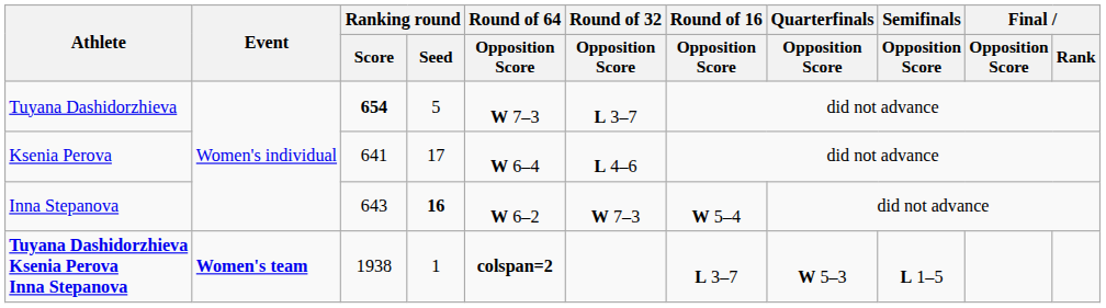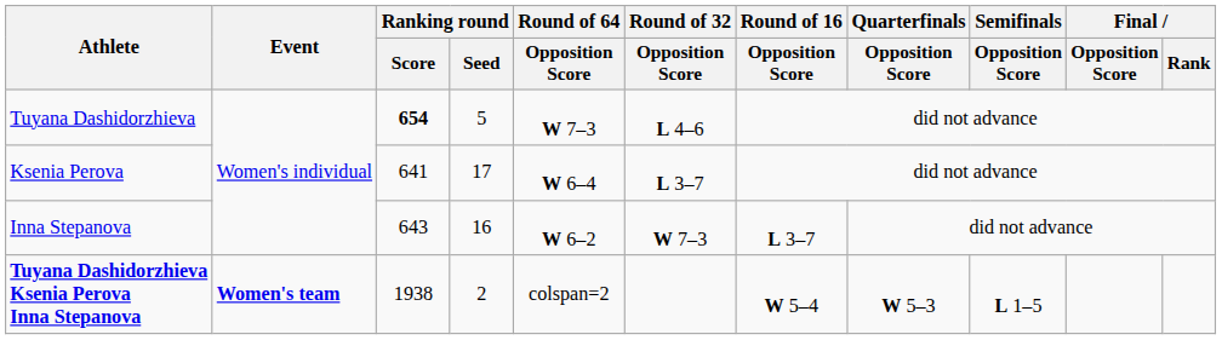 <table class="wikitable" style="font-size:90%">
 <tr>
 <th rowspan=2>Athlete</th>
 <th rowspan=2>Event</th>
 <th colspan="2">Ranking round</th>
 <th>Round of 64</th>
 <th>Round of 32</th>
 <th>Round of 16</th>
 <th>Quarterfinals</th>
 <th>Semifinals</th>
 <th colspan="2">Final / </th>
 </tr>
 <tr style="font-size:95%">
 <th>Score</th>
 <th>Seed</th>
 <th>Opposition<br>Score</th>
 <th>Opposition<br>Score</th>
 <th>Opposition<br>Score</th>
 <th>Opposition<br>Score</th>
 <th>Opposition<br>Score</th>
 <th>Opposition<br>Score</th>
 <th>Rank</th>
 </tr>
 <tr align=center>
 <td align=left><a href='#'>Tuyana Dashidorzhieva</a></td>
 <td align=left rowspan=3><a href='#'>Women's individual</a></td>
 <td><strong>654</strong></td>
 <td>5</td>
 <td><br><strong>W</strong> 7–3</td>
-<td><br><strong>L</strong> 3–7</td>
+<td><br><strong>L</strong> 4–6</td>
 <td colspan=5>did not advance</td>
 </tr>
 <tr align=center>
 <td align=left><a href='#'>Ksenia Perova</a></td>
 <td>641</td>
 <td>17</td>
 <td><br><strong>W</strong> 6–4</td>
-<td><br><strong>L</strong> 4–6</td>
+<td><br><strong>L</strong> 3–7</td>
 <td colspan=5>did not advance</td>
 </tr>
 <tr align=center>
 <td align=left><a href='#'>Inna Stepanova</a></td>
 <td>643</td>
-<td><strong>16</strong></td>
+<td>16</td>
 <td><br><strong>W</strong> 6–2</td>
 <td><br><strong>W</strong> 7–3</td>
-<td><br><strong>W</strong> 5–4</td>
+<td><br><strong>L</strong> 3–7</td>
 <td colspan=4>did not advance</td>
 </tr>
 <tr align=center>
 <td align=left><strong><a href='#'>Tuyana Dashidorzhieva</a><br><a href='#'>Ksenia Perova</a><br><a href='#'>Inna Stepanova</a></strong></td>
 <td align=left><strong><a href='#'>Women's team</a></strong></td>
 <td>1938</td>
-<td>1</td>
-<td><strong>colspan=2 </strong></td>
+<td>2</td>
+<td>colspan=2 </td>
 <td></td>
-<td><br><strong>L</strong> 3–7</td>
+<td><br><strong>W</strong> 5–4</td>
 <td><br><strong>W</strong> 5–3</td>
 <td><br><strong>L</strong> 1–5</td>
 <td></td>
 </tr>
 </table>
